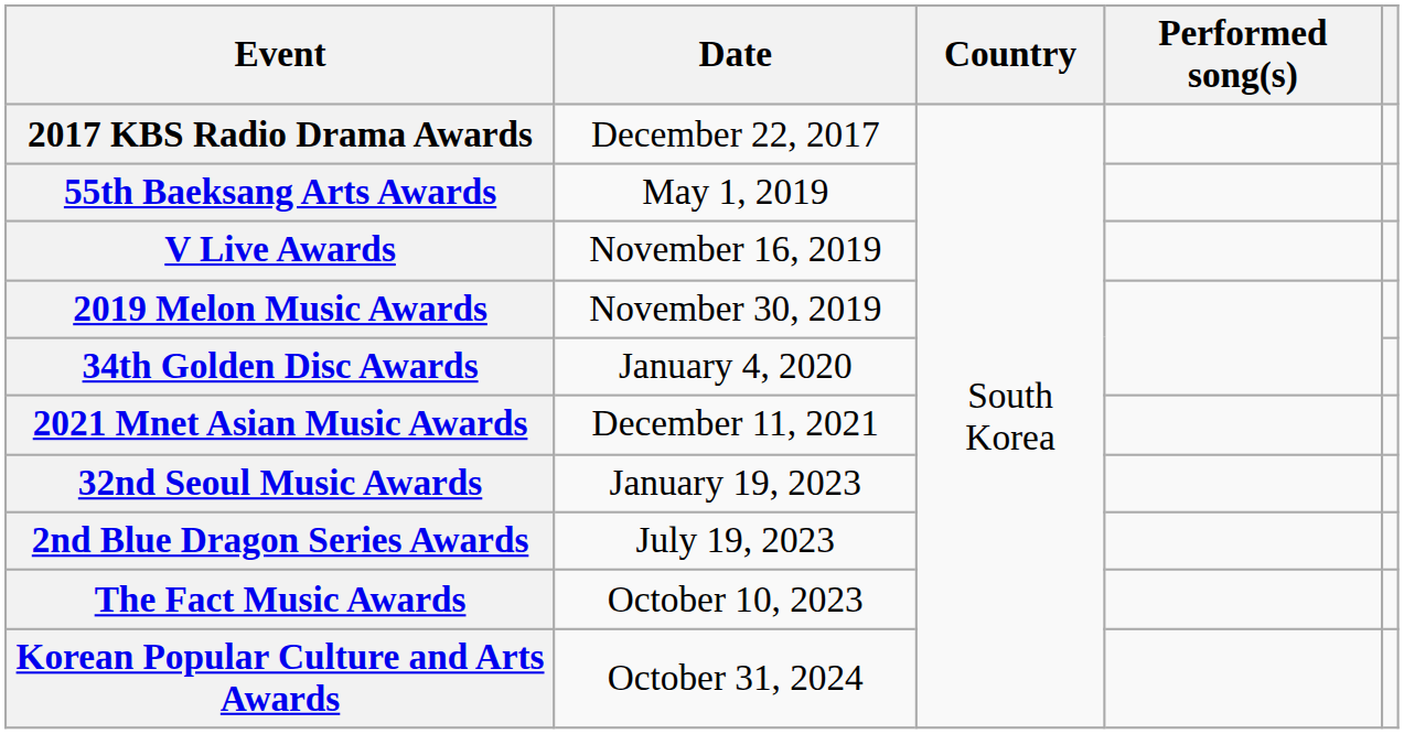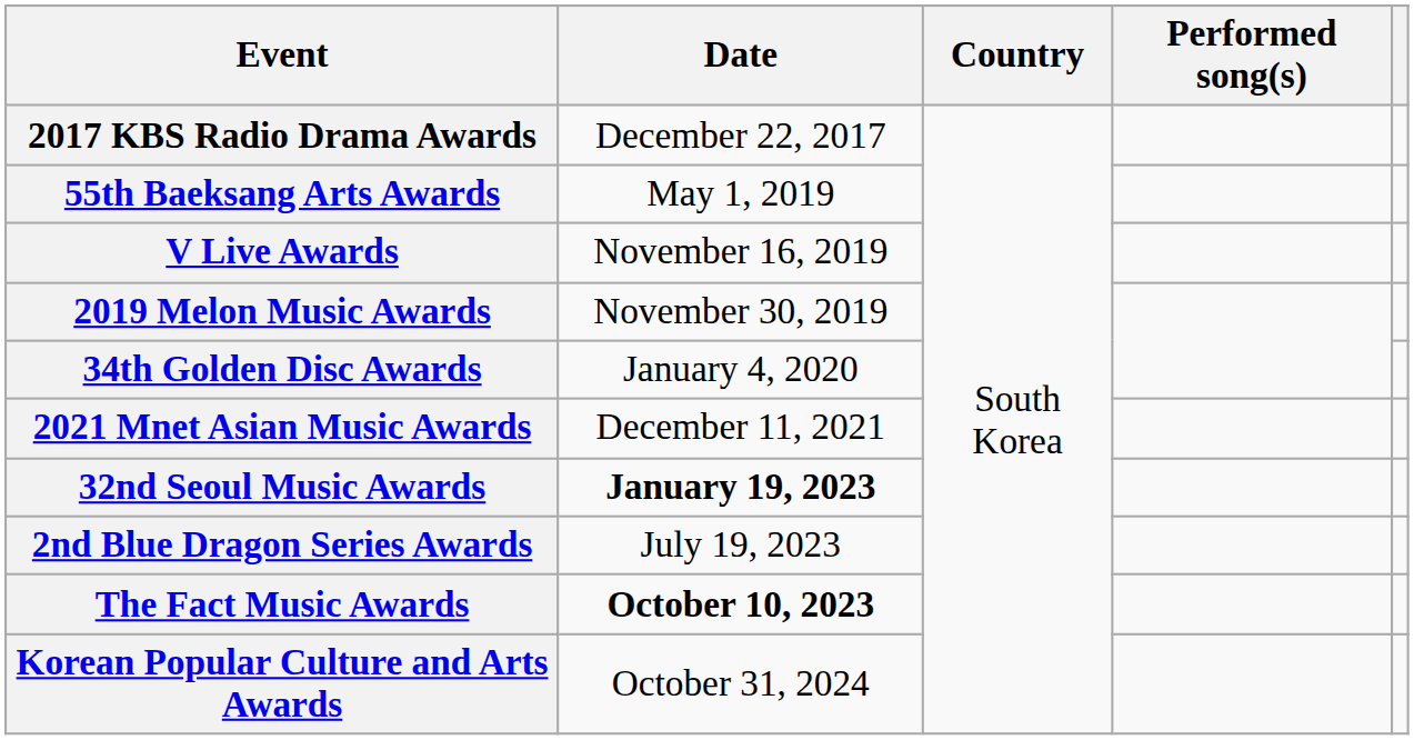 <table class="wikitable sortable plainrowheaders" style="text-align:center;">
 <tr>
 <th scope="col">Event</th>
 <th scope="col" width="150">Date</th>
 <th scope="col">Country</th>
 <th scope="col">Performed song(s)</th>
 <th scope="col" class="unsortable"></th>
 </tr>
 <tr>
 <th scope="row">2017 KBS Radio Drama Awards</th>
 <td>December 22, 2017</td>
 <td rowspan="10">South Korea</td>
 <td rowspan="1"></td>
 <td style="text-align:center;"></td>
 </tr>
 <tr>
 <th scope="row"><a href='#'>55th Baeksang Arts Awards</a></th>
 <td>May 1, 2019</td>
 <td rowspan="1"></td>
 <td style="text-align:center;"></td>
 </tr>
 <tr>
 <th scope="row"><a href='#'>V Live Awards</a></th>
 <td>November 16, 2019</td>
 <td rowspan="1"></td>
 <td style="text-align:center;"></td>
 </tr>
 <tr>
 <th scope="row"><a href='#'>2019 Melon Music Awards</a></th>
 <td>November 30, 2019</td>
 <td rowspan="2"></td>
 <td style="text-align:center;"></td>
 </tr>
 <tr>
 <th scope="row"><a href='#'>34th Golden Disc Awards</a></th>
 <td>January 4, 2020</td>
 <td style="text-align:center; "></td>
 </tr>
 <tr>
 <th scope="row"><a href='#'>2021 Mnet Asian Music Awards</a></th>
 <td>December 11, 2021</td>
 <td></td>
 <td style="text-align:center;"></td>
 </tr>
 <tr>
 <th scope="row"><a href='#'>32nd Seoul Music Awards</a></th>
-<td>January 19, 2023</td>
+<td><strong>January 19, 2023</strong></td>
 <td></td>
 <td style="text-align:center;"></td>
 </tr>
 <tr>
 <th scope="row"><a href='#'>2nd Blue Dragon Series Awards</a></th>
 <td>July 19, 2023</td>
 <td></td>
 <td style="text-align:center;"></td>
 </tr>
 <tr>
 <th scope="row"><a href='#'>The Fact Music Awards</a></th>
-<td>October 10, 2023</td>
+<td><strong>October 10, 2023</strong></td>
 <td></td>
 <td style="text-align:center;"></td>
 </tr>
 <tr>
 <th scope="row"><a href='#'>Korean Popular Culture and Arts Awards</a></th>
 <td>October 31, 2024</td>
 <td rowspan="1"></td>
 <td style="text-align:center;"></td>
 </tr>
 </table>
